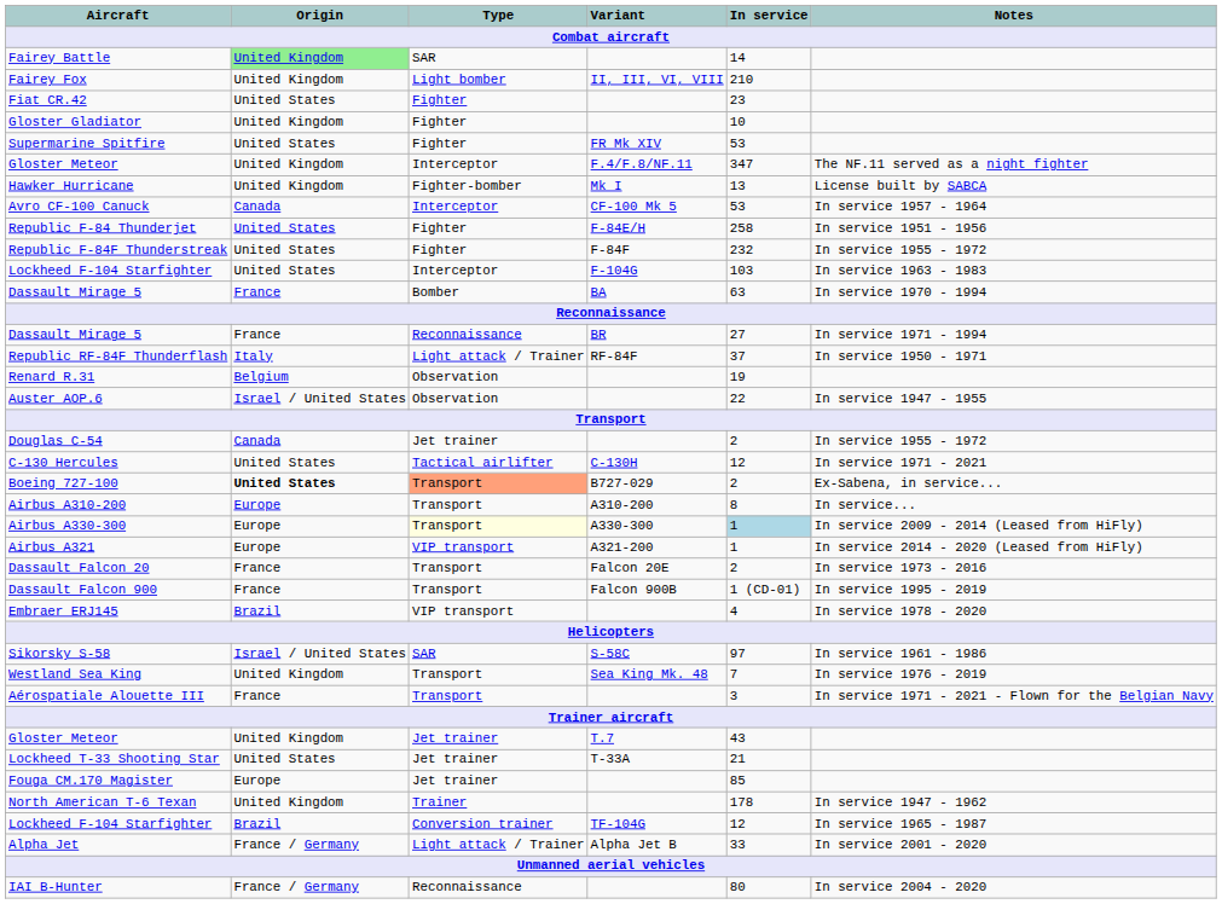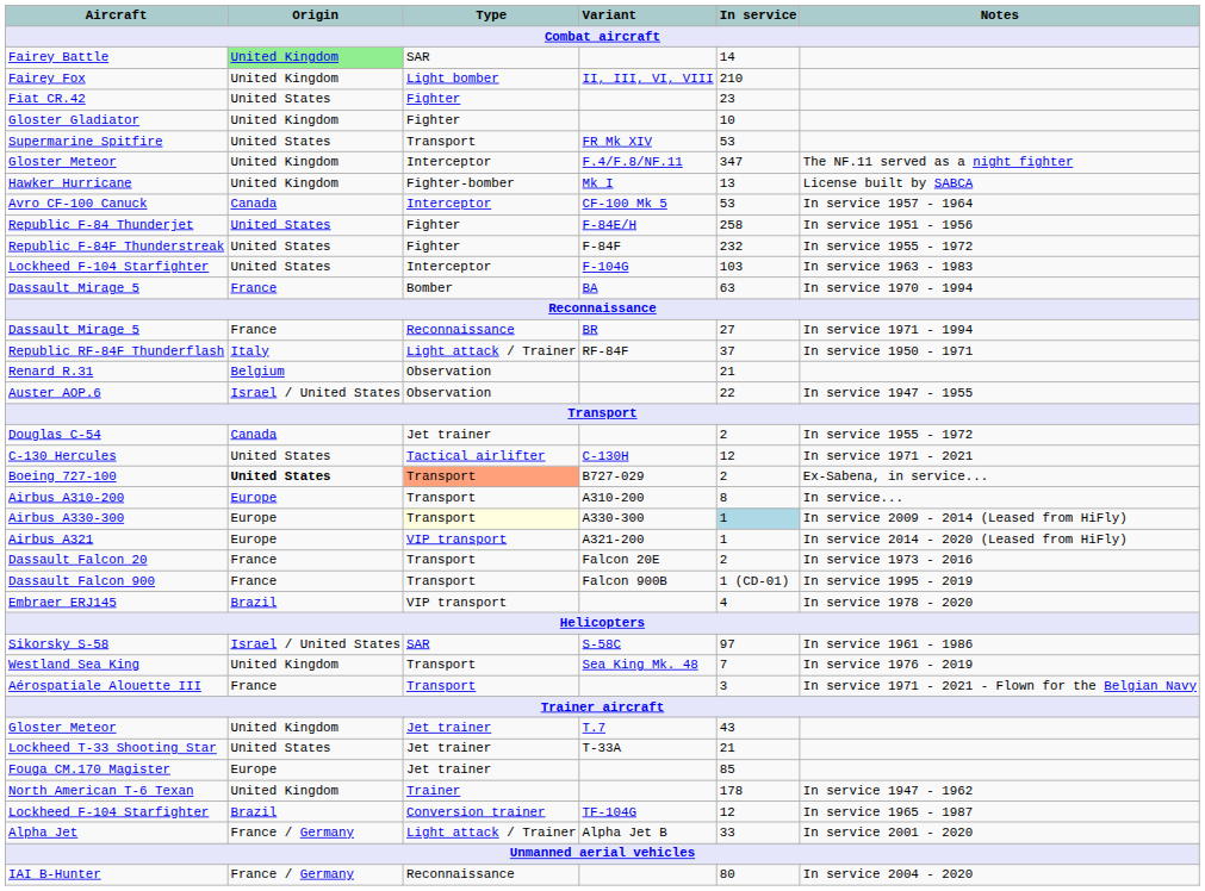 <table class="wikitable">
 <tr>
 <th style="text-align:center; background:#acc;">Aircraft</th>
 <th style="text-align: center; background:#acc;">Origin</th>
 <th style="text-align:l center; background:#acc;">Type</th>
 <th style="text-align: left; background:#acc;">Variant</th>
 <th style="text-align: center; background:#acc;">In service</th>
 <th style="text-align: center; background:#acc;">Notes</th>
 </tr>
 <tr>
 <th style="align: center; background: lavender;" colspan="7"><a href='#'>Combat aircraft</a></th>
 </tr>
 <tr>
 <td><a href='#'>Fairey Battle</a></td>
 <td style="background: lightgreen;"><a href='#'>United Kingdom</a></td>
 <td>SAR</td>
 <td></td>
 <td>14</td>
 <td></td>
 </tr>
 <tr>
 <td><a href='#'>Fairey Fox</a></td>
 <td>United Kingdom</td>
 <td><a href='#'>Light bomber</a></td>
 <td><a href='#'>II, III, VI, VIII</a></td>
 <td>210</td>
 <td></td>
 </tr>
 <tr>
 <td><a href='#'>Fiat CR.42</a></td>
 <td>United States</td>
 <td><a href='#'>Fighter</a></td>
 <td></td>
 <td>23</td>
 <td></td>
 </tr>
 <tr>
 <td><a href='#'>Gloster Gladiator</a></td>
 <td>United Kingdom</td>
 <td>Fighter</td>
 <td></td>
 <td>10</td>
 <td></td>
 </tr>
 <tr>
 <td><a href='#'>Supermarine Spitfire</a></td>
 <td>United States</td>
-<td>Fighter</td>
+<td>Transport</td>
 <td><a href='#'>FR Mk XIV</a></td>
 <td>53</td>
 <td></td>
 </tr>
 <tr>
 <td><a href='#'>Gloster Meteor</a></td>
 <td>United Kingdom</td>
 <td>Interceptor</td>
 <td><a href='#'>F.4/F.8/NF.11</a></td>
 <td>347</td>
 <td>The NF.11 served as a <a href='#'>night fighter</a></td>
 </tr>
 <tr>
 <td><a href='#'>Hawker Hurricane</a></td>
 <td>United Kingdom</td>
 <td>Fighter-bomber</td>
 <td><a href='#'>Mk I</a></td>
 <td>13</td>
 <td>License built by <a href='#'>SABCA</a></td>
 </tr>
 <tr>
 <td><a href='#'>Avro CF-100 Canuck</a></td>
 <td><a href='#'>Canada</a></td>
 <td><a href='#'>Interceptor</a></td>
 <td><a href='#'>CF-100 Mk 5</a></td>
 <td>53</td>
 <td>In service 1957 - 1964</td>
 </tr>
 <tr>
 <td><a href='#'>Republic F-84 Thunderjet</a></td>
 <td><a href='#'>United States</a></td>
 <td>Fighter</td>
 <td><a href='#'>F-84E/H</a></td>
 <td>258</td>
 <td>In service 1951 - 1956</td>
 </tr>
 <tr>
 <td><a href='#'>Republic F-84F Thunderstreak</a></td>
 <td>United States</td>
 <td>Fighter</td>
 <td>F-84F</td>
 <td>232</td>
 <td>In service 1955 - 1972</td>
 </tr>
 <tr>
 <td><a href='#'>Lockheed F-104 Starfighter</a></td>
 <td>United States</td>
 <td>Interceptor</td>
 <td><a href='#'>F-104G</a></td>
 <td>103</td>
 <td>In service 1963 - 1983</td>
 </tr>
 <tr>
 <td><a href='#'>Dassault Mirage 5</a></td>
 <td><a href='#'>France</a></td>
 <td>Bomber</td>
 <td><a href='#'>BA</a></td>
 <td>63</td>
 <td>In service 1970 - 1994</td>
 </tr>
 <tr>
 <th style="align: center; background: lavender;" colspan="7"><a href='#'>Reconnaissance</a></th>
 </tr>
 <tr>
 <td><a href='#'>Dassault Mirage 5</a></td>
 <td>France</td>
 <td><a href='#'>Reconnaissance</a></td>
 <td><a href='#'>BR</a></td>
 <td>27</td>
 <td>In service 1971 - 1994</td>
 </tr>
 <tr>
 <td><a href='#'>Republic RF-84F Thunderflash</a></td>
 <td><a href='#'>Italy</a></td>
 <td><a href='#'>Light attack</a> / Trainer</td>
 <td>RF-84F</td>
 <td>37</td>
 <td>In service 1950 - 1971</td>
 </tr>
 <tr>
 <td><a href='#'>Renard R.31</a></td>
 <td><a href='#'>Belgium</a></td>
 <td>Observation</td>
 <td></td>
-<td>19</td>
+<td>21</td>
 <td></td>
 </tr>
 <tr>
 <td><a href='#'>Auster AOP.6</a></td>
 <td><a href='#'>Israel</a> / United States</td>
 <td>Observation</td>
 <td></td>
 <td>22</td>
 <td>In service 1947 - 1955</td>
 </tr>
 <tr>
 <th style="align: center; background: lavender;" colspan="7"><a href='#'>Transport</a></th>
 </tr>
 <tr>
 <td><a href='#'>Douglas C-54</a></td>
 <td><a href='#'>Canada</a></td>
 <td>Jet trainer</td>
 <td></td>
 <td>2</td>
 <td>In service 1955 - 1972</td>
 </tr>
 <tr>
 <td><a href='#'>C-130 Hercules</a></td>
 <td>United States</td>
 <td><a href='#'>Tactical airlifter</a></td>
 <td><a href='#'>C-130H</a></td>
 <td>12</td>
 <td>In service 1971 - 2021</td>
 </tr>
 <tr>
 <td><a href='#'>Boeing 727-100</a></td>
 <td><strong>United States</strong></td>
 <td style="background: lightsalmon;">Transport</td>
 <td>B727-029</td>
 <td>2</td>
 <td>Ex-Sabena, in service...</td>
 </tr>
 <tr>
 <td><a href='#'>Airbus A310-200</a></td>
 <td><a href='#'>Europe</a></td>
 <td>Transport</td>
 <td>A310-200</td>
 <td>8</td>
 <td>In service...</td>
 </tr>
 <tr>
 <td><a href='#'>Airbus A330-300</a></td>
 <td>Europe</td>
 <td style="background: lightyellow;">Transport</td>
 <td>A330-300</td>
 <td style="background: lightblue;">1</td>
 <td>In service 2009 - 2014 (Leased from HiFly)</td>
 </tr>
 <tr>
 <td><a href='#'>Airbus A321</a></td>
 <td>Europe</td>
 <td><a href='#'>VIP transport</a></td>
 <td>A321-200</td>
 <td>1</td>
 <td>In service 2014 - 2020 (Leased from HiFly)</td>
 </tr>
 <tr>
 <td><a href='#'>Dassault Falcon 20</a></td>
 <td>France</td>
 <td>Transport</td>
 <td>Falcon 20E</td>
 <td>2 </td>
 <td>In service 1973 - 2016</td>
 </tr>
 <tr>
 <td><a href='#'>Dassault Falcon 900</a></td>
 <td>France</td>
 <td>Transport</td>
 <td>Falcon 900B</td>
 <td>1 (CD-01) </td>
 <td>In service 1995 - 2019</td>
 </tr>
 <tr>
 <td><a href='#'>Embraer ERJ145</a></td>
 <td><a href='#'>Brazil</a></td>
 <td>VIP transport</td>
 <td></td>
 <td>4</td>
 <td>In service 1978 - 2020</td>
 </tr>
 <tr>
 <th style="align: center; background: lavender;" colspan="7"><a href='#'>Helicopters</a></th>
 </tr>
 <tr>
 <td><a href='#'>Sikorsky S-58</a></td>
 <td><a href='#'>Israel</a> / United States</td>
 <td><a href='#'>SAR</a></td>
 <td><a href='#'>S-58C</a></td>
 <td>97</td>
 <td>In service 1961 - 1986</td>
 </tr>
 <tr>
 <td><a href='#'>Westland Sea King</a></td>
 <td>United Kingdom</td>
 <td>Transport</td>
 <td><a href='#'>Sea King Mk. 48</a></td>
 <td>7</td>
 <td>In service 1976 - 2019</td>
 </tr>
 <tr>
 <td><a href='#'>Aérospatiale Alouette III</a></td>
 <td>France</td>
 <td><a href='#'>Transport</a></td>
 <td></td>
 <td>3</td>
 <td>In service 1971 - 2021 - Flown for the <a href='#'>Belgian Navy</a></td>
 </tr>
 <tr>
 <th style="align: center; background: lavender;" colspan="7"><a href='#'>Trainer aircraft</a></th>
 </tr>
 <tr>
 <td><a href='#'>Gloster Meteor</a></td>
 <td>United Kingdom</td>
 <td><a href='#'>Jet trainer</a></td>
 <td><a href='#'>T.7</a></td>
 <td>43</td>
 <td></td>
 </tr>
 <tr>
 <td><a href='#'>Lockheed T-33 Shooting Star</a></td>
 <td>United States</td>
 <td>Jet trainer</td>
 <td>T-33A</td>
 <td>21</td>
 <td></td>
 </tr>
 <tr>
 <td><a href='#'>Fouga CM.170 Magister</a></td>
 <td>Europe</td>
 <td>Jet trainer</td>
 <td></td>
 <td>85</td>
 <td></td>
 </tr>
 <tr>
 <td><a href='#'>North American T-6 Texan</a></td>
 <td>United Kingdom</td>
 <td><a href='#'>Trainer</a></td>
 <td></td>
 <td>178</td>
 <td>In service 1947 - 1962</td>
 </tr>
 <tr>
 <td><a href='#'>Lockheed F-104 Starfighter</a></td>
 <td><a href='#'>Brazil</a></td>
 <td><a href='#'>Conversion trainer</a></td>
 <td><a href='#'>TF-104G</a></td>
 <td>12</td>
 <td>In service 1965 - 1987</td>
 </tr>
 <tr>
 <td><a href='#'>Alpha Jet</a></td>
 <td>France / <a href='#'>Germany</a></td>
 <td><a href='#'>Light attack</a> / Trainer</td>
 <td>Alpha Jet B</td>
 <td>33</td>
 <td>In service 2001 - 2020</td>
 </tr>
 <tr>
 <th style="align: center; background: lavender;" colspan="7"><a href='#'>Unmanned aerial vehicles</a></th>
 </tr>
 <tr>
 <td><a href='#'>IAI B-Hunter</a></td>
 <td>France / <a href='#'>Germany</a></td>
 <td>Reconnaissance</td>
 <td></td>
 <td>80</td>
 <td>In service 2004 - 2020</td>
 </tr>
 </table>
